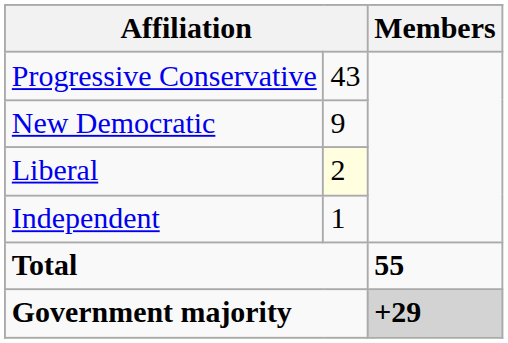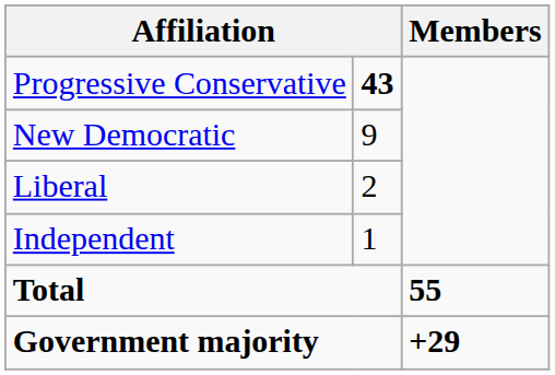 <table class="wikitable">
 <tr>
 <th colspan="2">Affiliation</th>
 <th>Members</th>
 </tr>
 <tr>
 <td align=left><a href='#'>Progressive Conservative</a></td>
-<td>43</td>
+<td><strong>43</strong></td>
 </tr>
 <tr>
 <td align=left><a href='#'>New Democratic</a></td>
 <td>9</td>
 </tr>
 <tr>
 <td align=left><a href='#'>Liberal</a></td>
-<td style="background: lightyellow;">2</td>
+<td>2</td>
 </tr>
 <tr>
 <td align=left><a href='#'>Independent</a></td>
 <td>1</td>
 </tr>
 <tr>
 <td colspan="2" align=left><strong>Total</strong><br></td>
 <td><strong>55</strong></td>
 </tr>
 <tr>
 <td colspan="2" align=left><strong>Government majority</strong><br></td>
-<td style="background: lightgrey;"><strong>+29</strong></td>
+<td><strong>+29</strong></td>
 </tr>
 </table>
